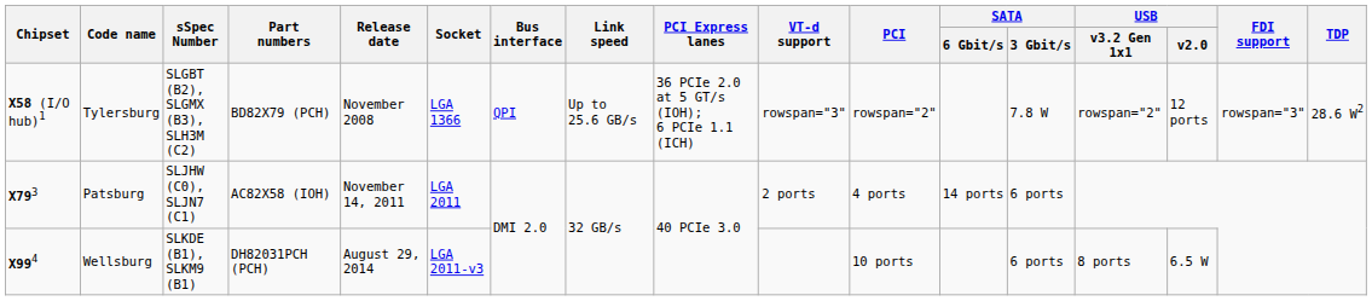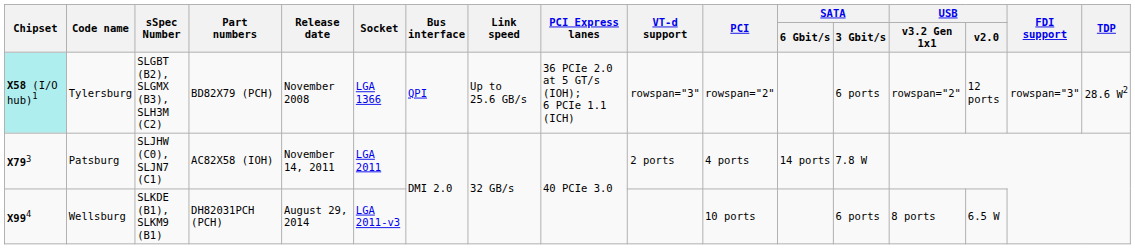 <table class="wikitable" style="font-size: 90%;">
 <tr>
 <th rowspan="2">Chipset</th>
 <th rowspan="2">Code name</th>
 <th rowspan="2">sSpec Number</th>
 <th rowspan="2">Part<br>numbers</th>
 <th rowspan="2">Release date</th>
 <th rowspan="2">Socket</th>
 <th rowspan="2">Bus<br>interface</th>
 <th rowspan="2">Link<br>speed</th>
 <th rowspan="2"><a href='#'>PCI Express</a> lanes</th>
 <th rowspan="2"><a href='#'>VT-d</a><br>support</th>
 <th rowspan="2"><a href='#'>PCI</a></th>
 <th colspan="2"><a href='#'>SATA</a></th>
 <th colspan="2"><a href='#'>USB</a></th>
 <th rowspan="2"><a href='#'>FDI</a><br><a href='#'>support</a></th>
 <th rowspan="2"><a href='#'>TDP</a></th>
 </tr>
 <tr>
 <th>6 Gbit/s</th>
 <th>3 Gbit/s</th>
 <th>v3.2 Gen 1x1</th>
 <th>v2.0</th>
 </tr>
 <tr>
-<td><strong>X58</strong> (I/O hub)<sup>1</sup></td>
+<td style="background: paleturquoise;"><strong>X58</strong> (I/O hub)<sup>1</sup></td>
 <td>Tylersburg</td>
 <td>SLGBT (B2),<br>SLGMX (B3),<br>SLH3M (C2)</td>
 <td>BD82X79 (PCH)</td>
 <td>November 2008</td>
 <td><a href='#'>LGA 1366</a></td>
 <td><a href='#'>QPI</a></td>
 <td>Up to 25.6 GB/s</td>
 <td>36 PCIe 2.0 at 5 GT/s (IOH);<br>6 PCIe 1.1 (ICH)</td>
 <td>rowspan="3" </td>
 <td>rowspan="2" </td>
 <td></td>
-<td>7.8 W</td>
+<td>6 ports</td>
 <td>rowspan="2" </td>
 <td>12 ports</td>
 <td>rowspan="3" </td>
 <td>28.6 W<sup>2</sup></td>
 </tr>
 <tr>
 <td><strong>X79</strong><sup>3</sup></td>
 <td>Patsburg</td>
 <td>SLJHW (C0),<br>SLJN7 (C1)</td>
 <td>AC82X58 (IOH)</td>
 <td>November 14, 2011</td>
 <td><a href='#'>LGA 2011</a></td>
 <td rowspan="2">DMI 2.0</td>
 <td rowspan="2">32 GB/s</td>
 <td rowspan="2">40 PCIe 3.0</td>
 <td>2 ports</td>
 <td>4 ports</td>
 <td>14 ports</td>
-<td>6 ports</td>
+<td>7.8 W</td>
 </tr>
 <tr>
 <td><strong>X99</strong><sup>4</sup></td>
 <td>Wellsburg</td>
 <td>SLKDE (B1),<br>SLKM9 (B1)</td>
 <td>DH82031PCH (PCH)</td>
 <td>August 29, 2014</td>
 <td><a href='#'>LGA 2011-v3</a></td>
 <td></td>
 <td>10 ports</td>
 <td></td>
 <td>6 ports</td>
 <td>8 ports</td>
 <td>6.5 W</td>
 </tr>
 </table>
